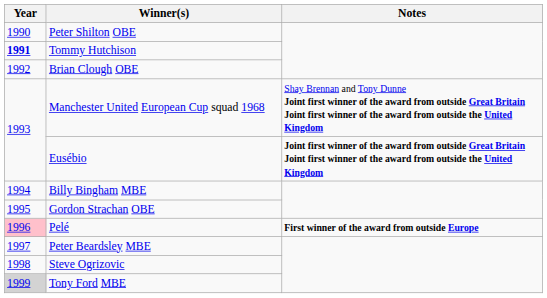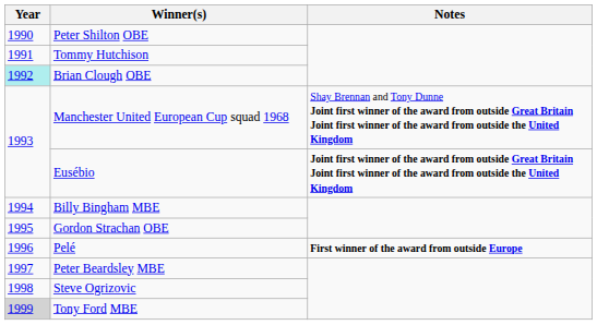 <table class="wikitable">
 <tr>
 <th>Year</th>
 <th>Winner(s)</th>
 <th width="350px">Notes</th>
 </tr>
 <tr>
 <td width="50px"><a href='#'>1990</a></td>
 <td width="315px"> <a href='#'>Peter Shilton</a> <a href='#'>OBE</a></td>
 </tr>
 <tr>
-<td width="50px"><strong><a href='#'>1991</a></strong></td>
+<td width="50px"><a href='#'>1991</a></td>
 <td width="315px"> <a href='#'>Tommy Hutchison</a></td>
 </tr>
 <tr>
-<td width="50px"><a href='#'>1992</a></td>
+<td width="50px" style="background: paleturquoise;"><a href='#'>1992</a></td>
 <td width="315px"> <a href='#'>Brian Clough</a> <a href='#'>OBE</a></td>
 </tr>
 <tr>
 <td width="50px" rowspan="2"><a href='#'>1993</a></td>
 <td width="315px"> <a href='#'>Manchester United</a> <a href='#'>European Cup</a> squad <a href='#'>1968</a></td>
 <td><small> <a href='#'>Shay Brennan</a> and  <a href='#'>Tony Dunne</a><br><strong>Joint first winner of the award from outside <a href='#'>Great Britain</a></strong><br><strong>Joint first winner of the award from outside the <a href='#'>United Kingdom</a></strong><br></small></td>
 </tr>
 <tr>
 <td> <a href='#'>Eusébio</a></td>
 <td><small><strong>Joint first winner of the award from outside <a href='#'>Great Britain</a></strong><br><strong>Joint first winner of the award from outside the <a href='#'>United Kingdom</a></strong><br></small></td>
 </tr>
 <tr>
 <td width="50px"><a href='#'>1994</a></td>
 <td width="315px"> <a href='#'>Billy Bingham</a> <a href='#'>MBE</a></td>
 </tr>
 <tr>
 <td width="50px"><a href='#'>1995</a></td>
 <td width="315px"> <a href='#'>Gordon Strachan</a> <a href='#'>OBE</a></td>
 </tr>
 <tr>
-<td width="50px" style="background: pink;"><a href='#'>1996</a></td>
+<td width="50px"><a href='#'>1996</a></td>
 <td width="315px"> <a href='#'>Pelé</a></td>
 <td><small><strong>First winner of the award from outside <a href='#'>Europe</a></strong></small></td>
 </tr>
 <tr>
 <td width="50px"><a href='#'>1997</a></td>
 <td width="315px"> <a href='#'>Peter Beardsley</a> <a href='#'>MBE</a></td>
 </tr>
 <tr>
 <td width="50px"><a href='#'>1998</a></td>
 <td width="315px"> <a href='#'>Steve Ogrizovic</a></td>
 </tr>
 <tr>
 <td width="50px" style="background: lightgrey;"><a href='#'>1999</a></td>
 <td width="315px"> <a href='#'>Tony Ford</a> <a href='#'>MBE</a></td>
 </tr>
 </table>
